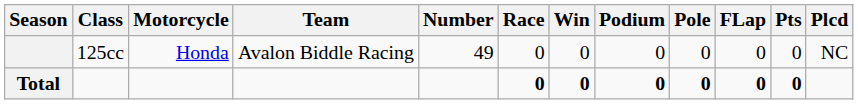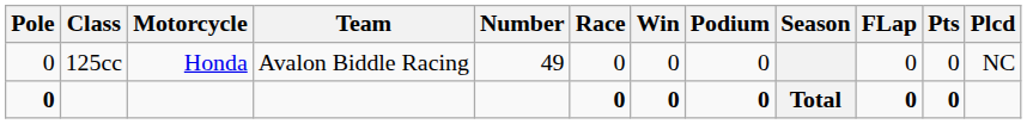 <table class="wikitable">
 <tr>
-<th>Season</th>
+<th>Pole</th>
 <th>Class</th>
 <th>Motorcycle</th>
 <th>Team</th>
 <th>Number</th>
 <th>Race</th>
 <th>Win</th>
 <th>Podium</th>
-<th>Pole</th>
+<th>Season</th>
 <th>FLap</th>
 <th>Pts</th>
 <th>Plcd</th>
 </tr>
 <tr align="right">
-<th></th>
+<td>0</td>
 <td>125cc</td>
 <td><a href='#'>Honda</a></td>
 <td>Avalon Biddle Racing</td>
 <td>49</td>
 <td>0</td>
 <td>0</td>
 <td>0</td>
-<td>0</td>
+<th></th>
 <td>0</td>
 <td>0</td>
 <td>NC</td>
 </tr>
 <tr align="right">
-<th>Total</th>
+<td><strong>0</strong></td>
 <td></td>
 <td></td>
 <td></td>
 <td></td>
 <td><strong>0</strong></td>
 <td><strong>0</strong></td>
 <td><strong>0</strong></td>
-<td><strong>0</strong></td>
+<th>Total</th>
 <td><strong>0</strong></td>
 <td><strong>0</strong></td>
 <td></td>
 </tr>
 </table>
